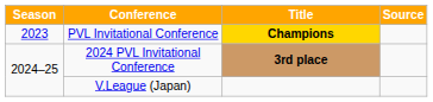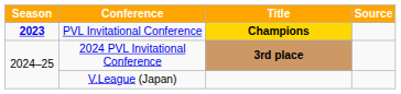 <table class="wikitable">
 <tr>
 <th width=70px style="background:#FFA500; color:white; text-align: center">Season</th>
 <th width=200px style="background:#FFA500; color:white;">Conference</th>
 <th width=200px style="background:#FFA500; color:white;">Title</th>
 <th width=50px style="background:#FFA500; color:white;">Source</th>
 </tr>
 <tr align=center>
-<td><a href='#'>2023</a></td>
+<td><strong><a href='#'>2023</a></strong></td>
 <td><a href='#'>PVL Invitational Conference</a></td>
 <td style="background:gold;"><strong>Champions</strong></td>
 <td></td>
 </tr>
 <tr align=center>
 <td rowspan=2>2024–25</td>
 <td><a href='#'>2024 PVL Invitational Conference</a></td>
 <td style="background:#c96;"><strong>3rd place</strong></td>
 <td></td>
 </tr>
 <tr align=center>
 <td><a href='#'>V.League</a> (Japan)</td>
 <td></td>
 <td></td>
 </tr>
 </table>
